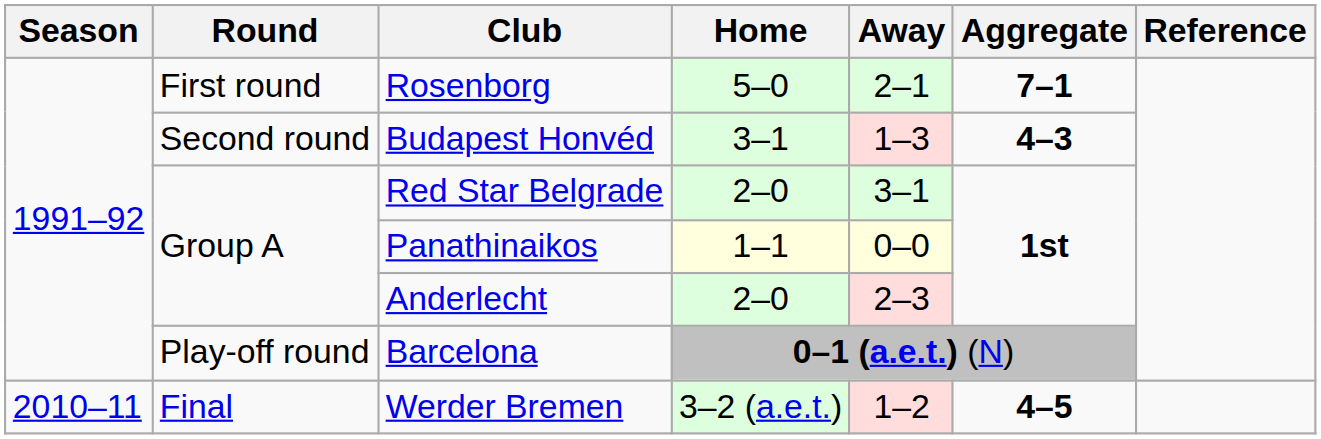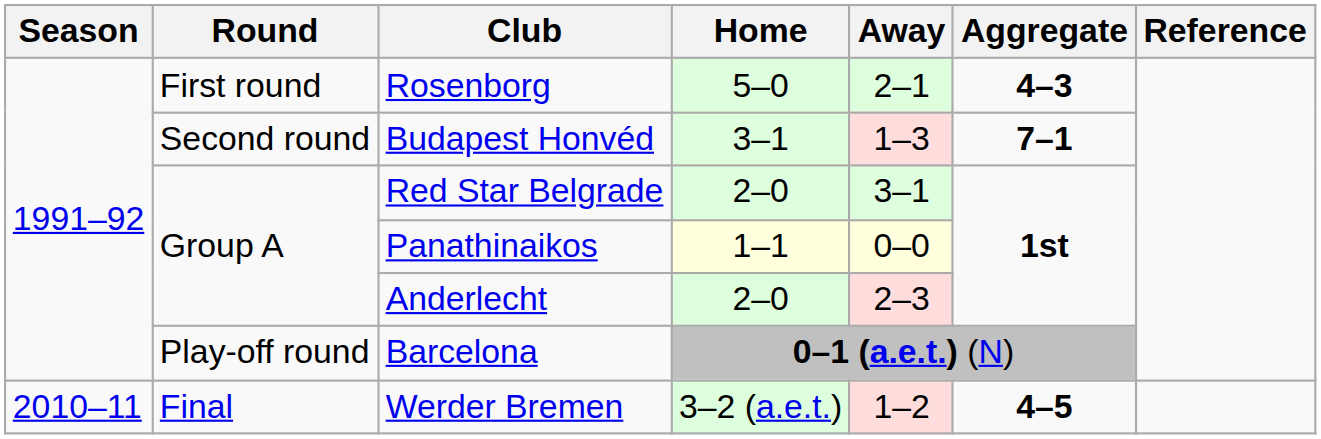 <table class="wikitable">
 <tr>
 <th>Season</th>
 <th>Round</th>
 <th>Club</th>
 <th>Home</th>
 <th>Away</th>
 <th>Aggregate</th>
 <th>Reference</th>
 </tr>
 <tr>
 <td rowspan=6><a href='#'>1991–92</a></td>
 <td>First round</td>
 <td> <a href='#'>Rosenborg</a></td>
 <td style="text-align:center; background:#dfd;">5–0</td>
 <td style="text-align:center; background:#dfd;">2–1</td>
-<td style="text-align:center;"><strong>7–1</strong></td>
+<td style="text-align:center;"><strong>4–3</strong></td>
 <td rowspan=6 style="text-align:center;"></td>
 </tr>
 <tr>
 <td>Second round</td>
 <td> <a href='#'>Budapest Honvéd</a></td>
 <td style="text-align:center; background:#dfd;">3–1</td>
 <td style="text-align:center; background:#fdd;">1–3</td>
-<td style="text-align:center;"><strong>4–3</strong></td>
+<td style="text-align:center;"><strong>7–1</strong></td>
 </tr>
 <tr>
 <td rowspan=3>Group A</td>
 <td> <a href='#'>Red Star Belgrade</a></td>
 <td style="text-align:center; background:#dfd;">2–0</td>
 <td style="text-align:center; background:#dfd;">3–1</td>
 <td style="text-align:center;" rowspan=3><strong>1st</strong></td>
 </tr>
 <tr>
 <td> <a href='#'>Panathinaikos</a></td>
 <td style="text-align:center; background:#ffd;">1–1</td>
 <td style="text-align:center; background:#ffd;">0–0</td>
 </tr>
 <tr>
 <td> <a href='#'>Anderlecht</a></td>
 <td style="text-align:center; background:#dfd;">2–0</td>
 <td style="text-align:center; background:#fdd;">2–3</td>
 </tr>
 <tr>
 <td>Play-off round</td>
 <td> <a href='#'>Barcelona</a></td>
 <td colspan=3 bgcolor=Silver style="text-align:center;"><strong>0–1 (<a href='#'>a.e.t.</a>)</strong> (<a href='#'>N</a>)</td>
 </tr>
 <tr>
 <td><a href='#'>2010–11</a></td>
 <td><a href='#'>Final</a></td>
 <td> <a href='#'>Werder Bremen</a></td>
 <td style="text-align:center; background:#dfd;">3–2 (<a href='#'>a.e.t.</a>)</td>
 <td style="text-align:center; background:#fdd;">1–2</td>
 <td style="text-align:center;"><strong>4–5</strong></td>
 <td style="text-align:center;"></td>
 </tr>
 </table>
